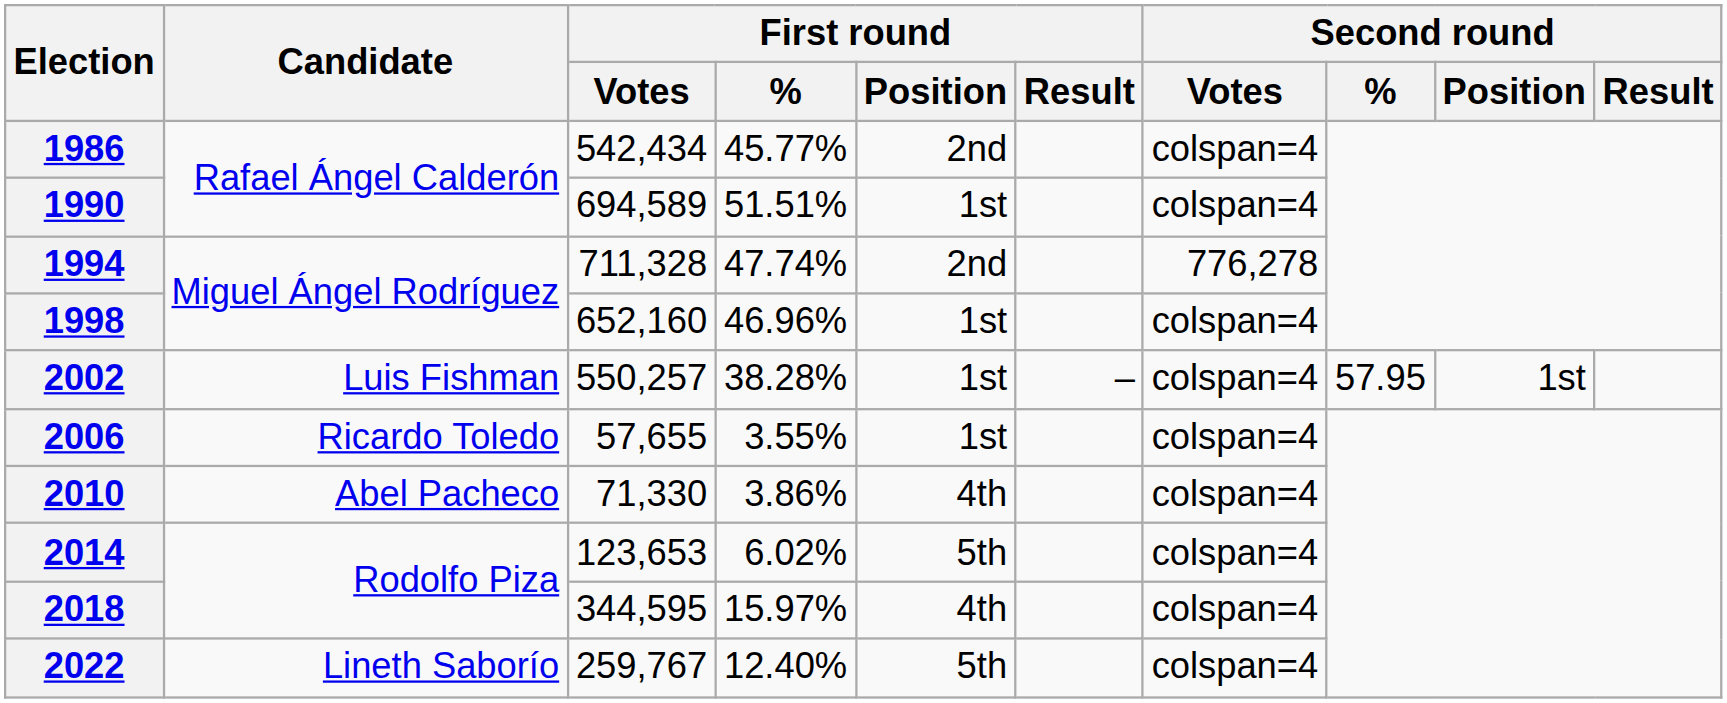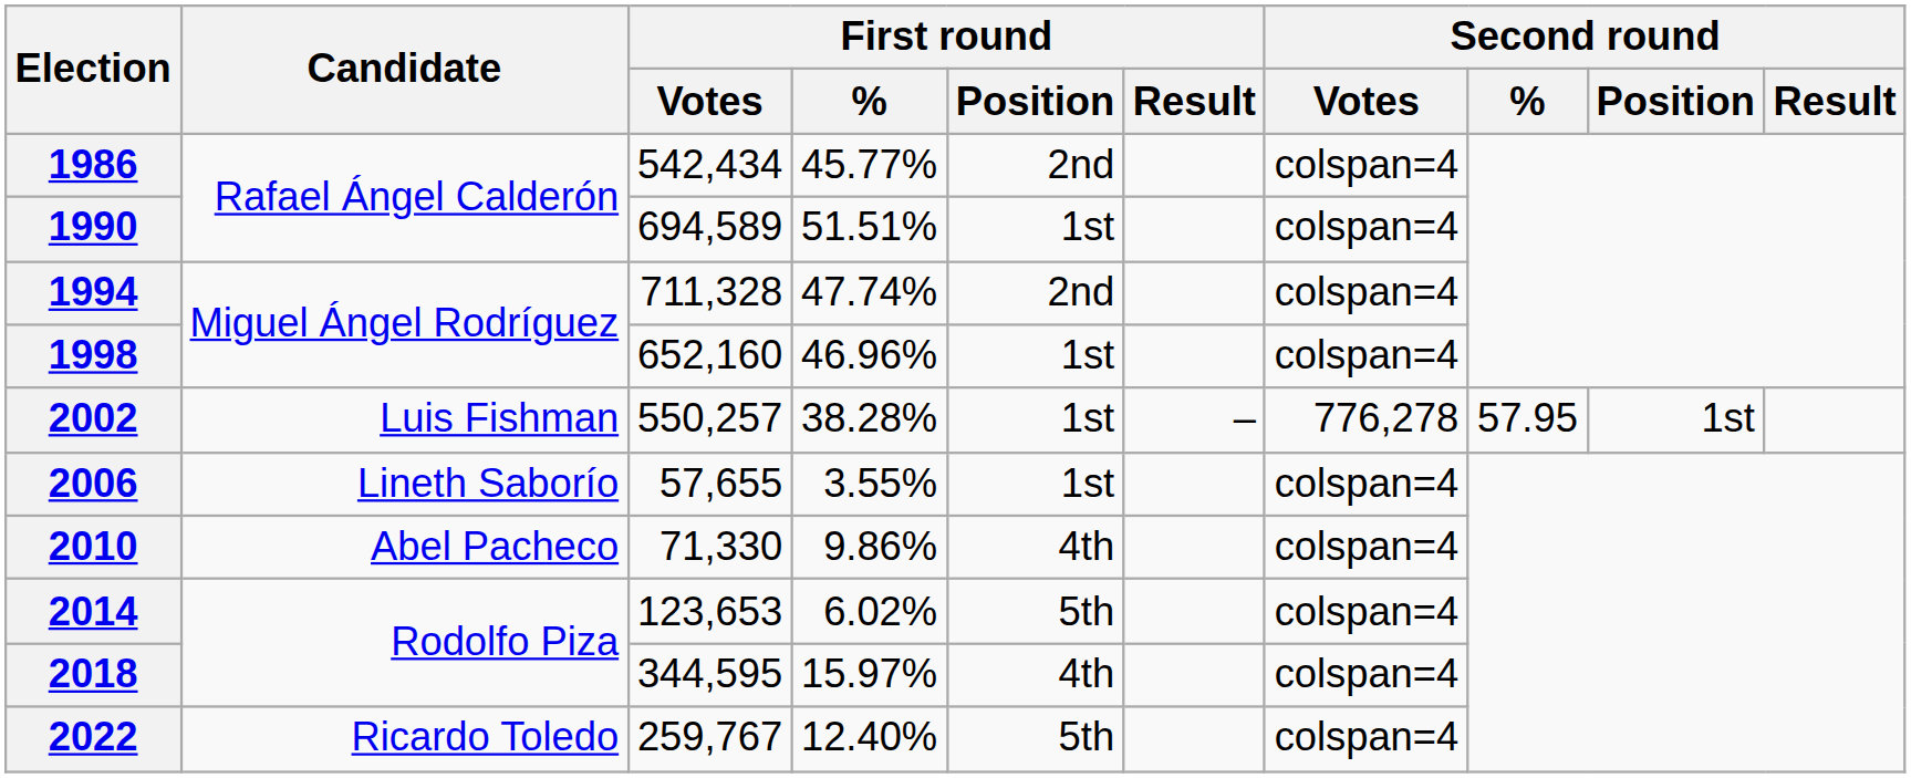 <table class=wikitable style="text-align: right;">
 <tr>
 <th rowspan=2>Election</th>
 <th rowspan=2>Candidate</th>
 <th colspan=4>First round</th>
 <th colspan=4>Second round</th>
 </tr>
 <tr>
 <th>Votes</th>
 <th>%</th>
 <th>Position</th>
 <th>Result</th>
 <th>Votes</th>
 <th>%</th>
 <th>Position</th>
 <th>Result</th>
 </tr>
 <tr>
 <th><a href='#'>1986</a></th>
 <td rowspan="2"><a href='#'>Rafael Ángel Calderón</a></td>
 <td>542,434</td>
 <td>45.77%</td>
 <td>2nd</td>
 <td></td>
 <td>colspan=4 </td>
 </tr>
 <tr>
 <th><a href='#'>1990</a></th>
 <td>694,589</td>
 <td>51.51%</td>
 <td> 1st</td>
 <td></td>
 <td>colspan=4 </td>
 </tr>
 <tr>
 <th><a href='#'>1994</a></th>
 <td rowspan="2"><a href='#'>Miguel Ángel Rodríguez</a></td>
 <td>711,328</td>
 <td>47.74%</td>
 <td> 2nd</td>
 <td></td>
-<td>776,278</td>
+<td>colspan=4 </td>
 </tr>
 <tr>
 <th><a href='#'>1998</a></th>
 <td>652,160</td>
 <td>46.96%</td>
 <td> 1st</td>
 <td></td>
 <td>colspan=4 </td>
 </tr>
 <tr>
 <th><a href='#'>2002</a></th>
 <td><a href='#'>Luis Fishman</a></td>
 <td>550,257</td>
 <td>38.28%</td>
 <td> 1st</td>
 <td>–</td>
-<td>colspan=4 </td>
+<td>776,278</td>
 <td>57.95</td>
 <td>1st</td>
 <td></td>
 </tr>
 <tr>
 <th><a href='#'>2006</a></th>
-<td><a href='#'>Ricardo Toledo</a></td>
+<td><a href='#'>Lineth Saborío</a></td>
 <td>57,655</td>
 <td>3.55%</td>
 <td> 1st</td>
 <td></td>
 <td>colspan=4 </td>
 </tr>
 <tr>
 <th><a href='#'>2010</a></th>
 <td><a href='#'>Abel Pacheco</a></td>
 <td>71,330</td>
-<td>3.86%</td>
+<td>9.86%</td>
 <td> 4th</td>
 <td></td>
 <td>colspan=4 </td>
 </tr>
 <tr>
 <th><a href='#'>2014</a></th>
 <td rowspan="2"><a href='#'>Rodolfo Piza</a></td>
 <td>123,653</td>
 <td>6.02%</td>
 <td> 5th</td>
 <td></td>
 <td>colspan=4 </td>
 </tr>
 <tr>
 <th><a href='#'>2018</a></th>
 <td>344,595</td>
 <td>15.97%</td>
 <td> 4th</td>
 <td></td>
 <td>colspan=4 </td>
 </tr>
 <tr>
 <th><a href='#'>2022</a></th>
-<td><a href='#'>Lineth Saborío</a></td>
+<td><a href='#'>Ricardo Toledo</a></td>
 <td>259,767</td>
 <td>12.40%</td>
 <td> 5th</td>
 <td></td>
 <td>colspan=4 </td>
 </tr>
 </table>
